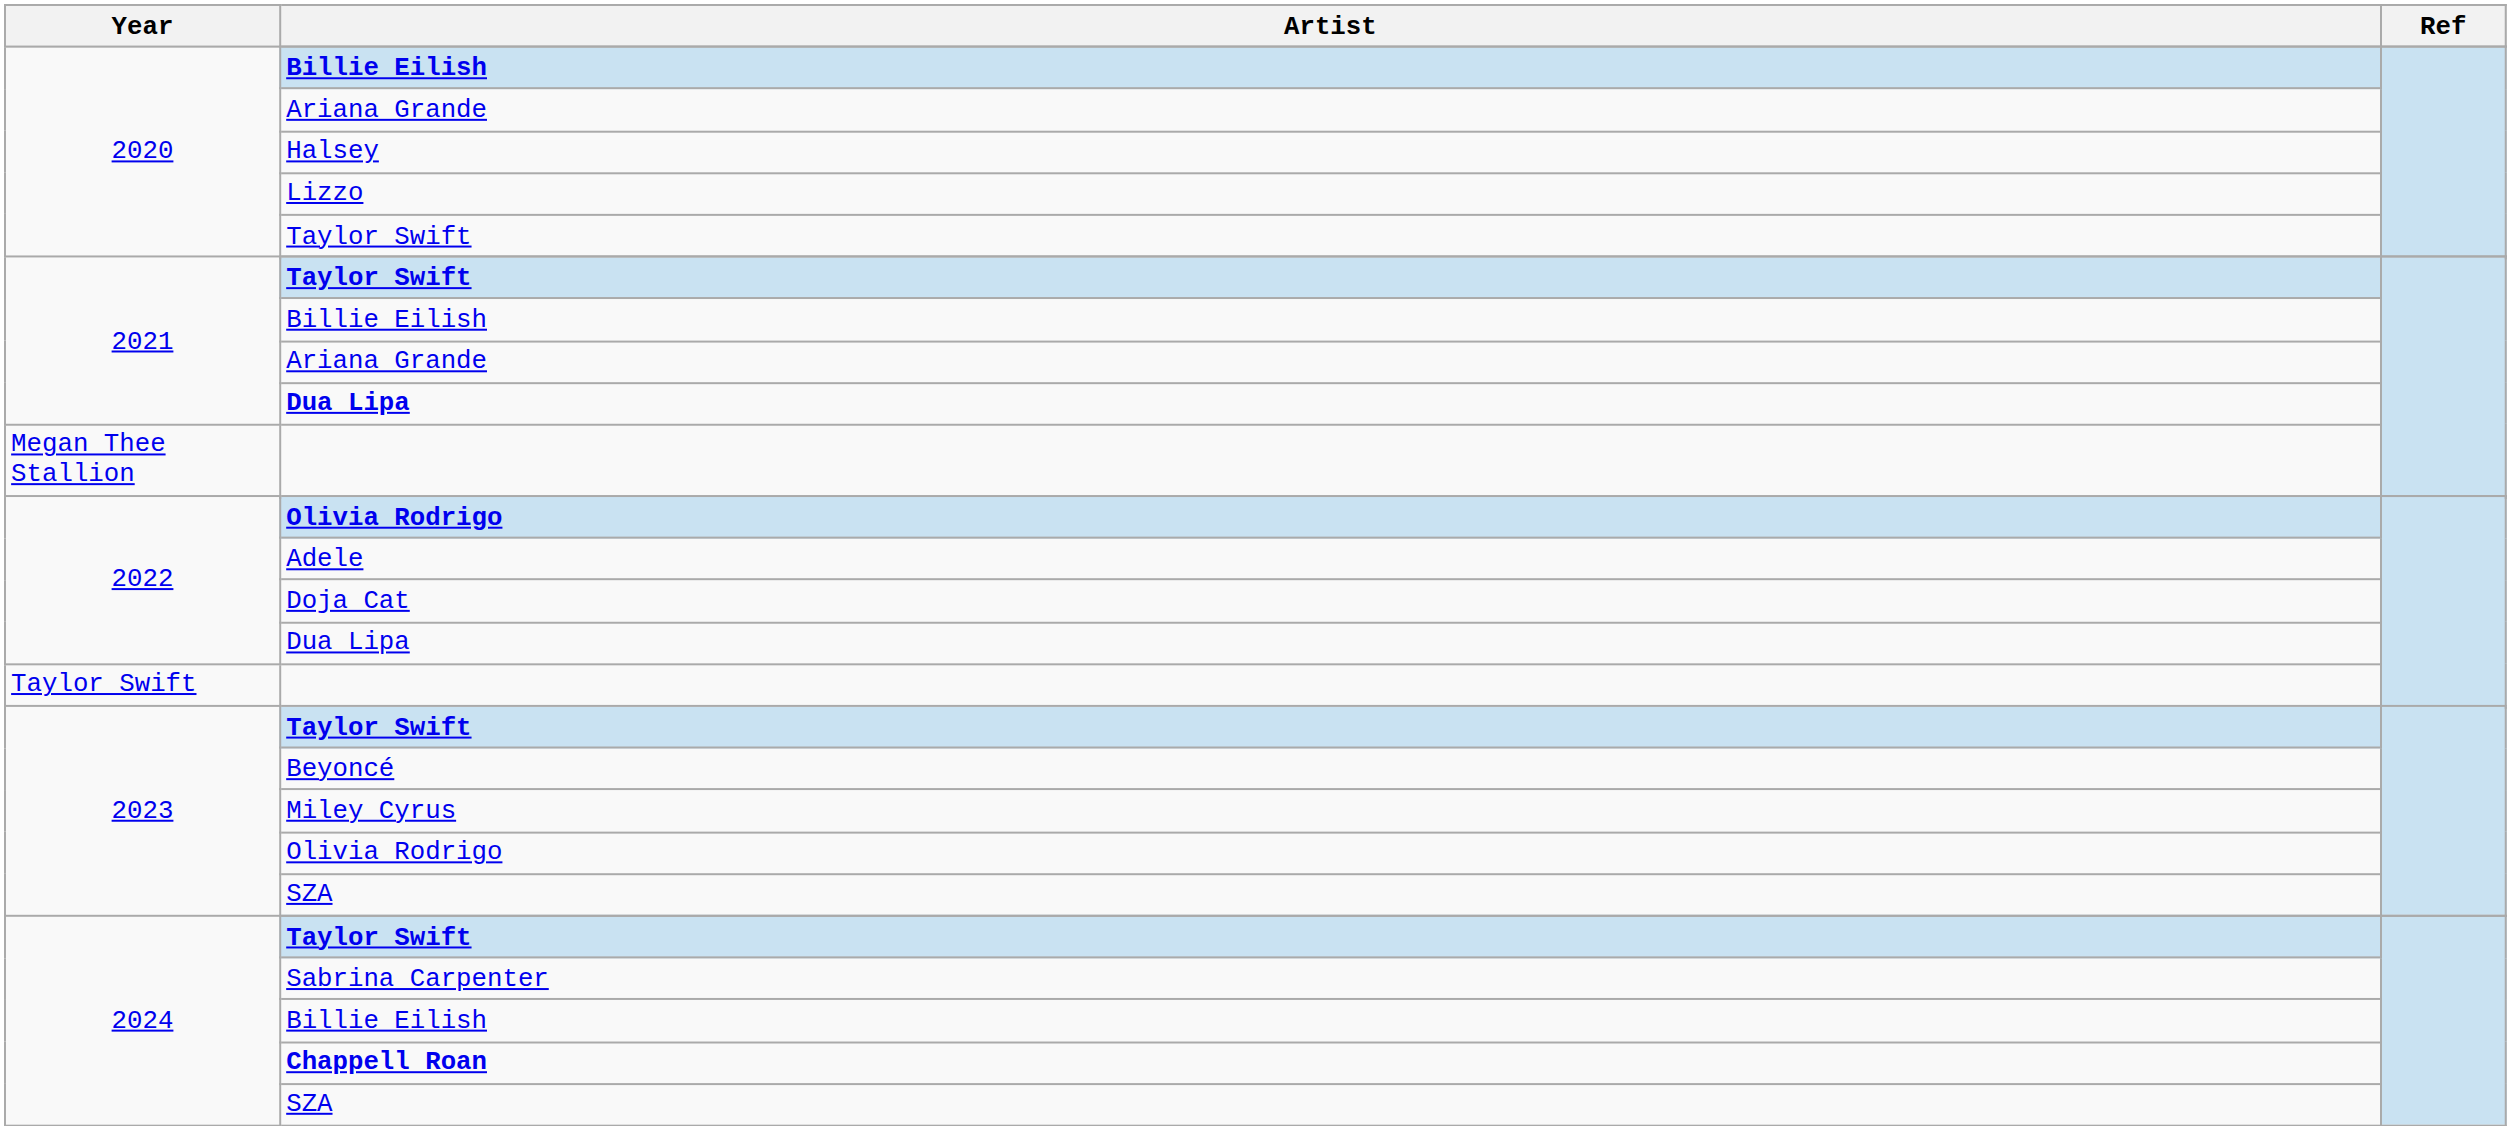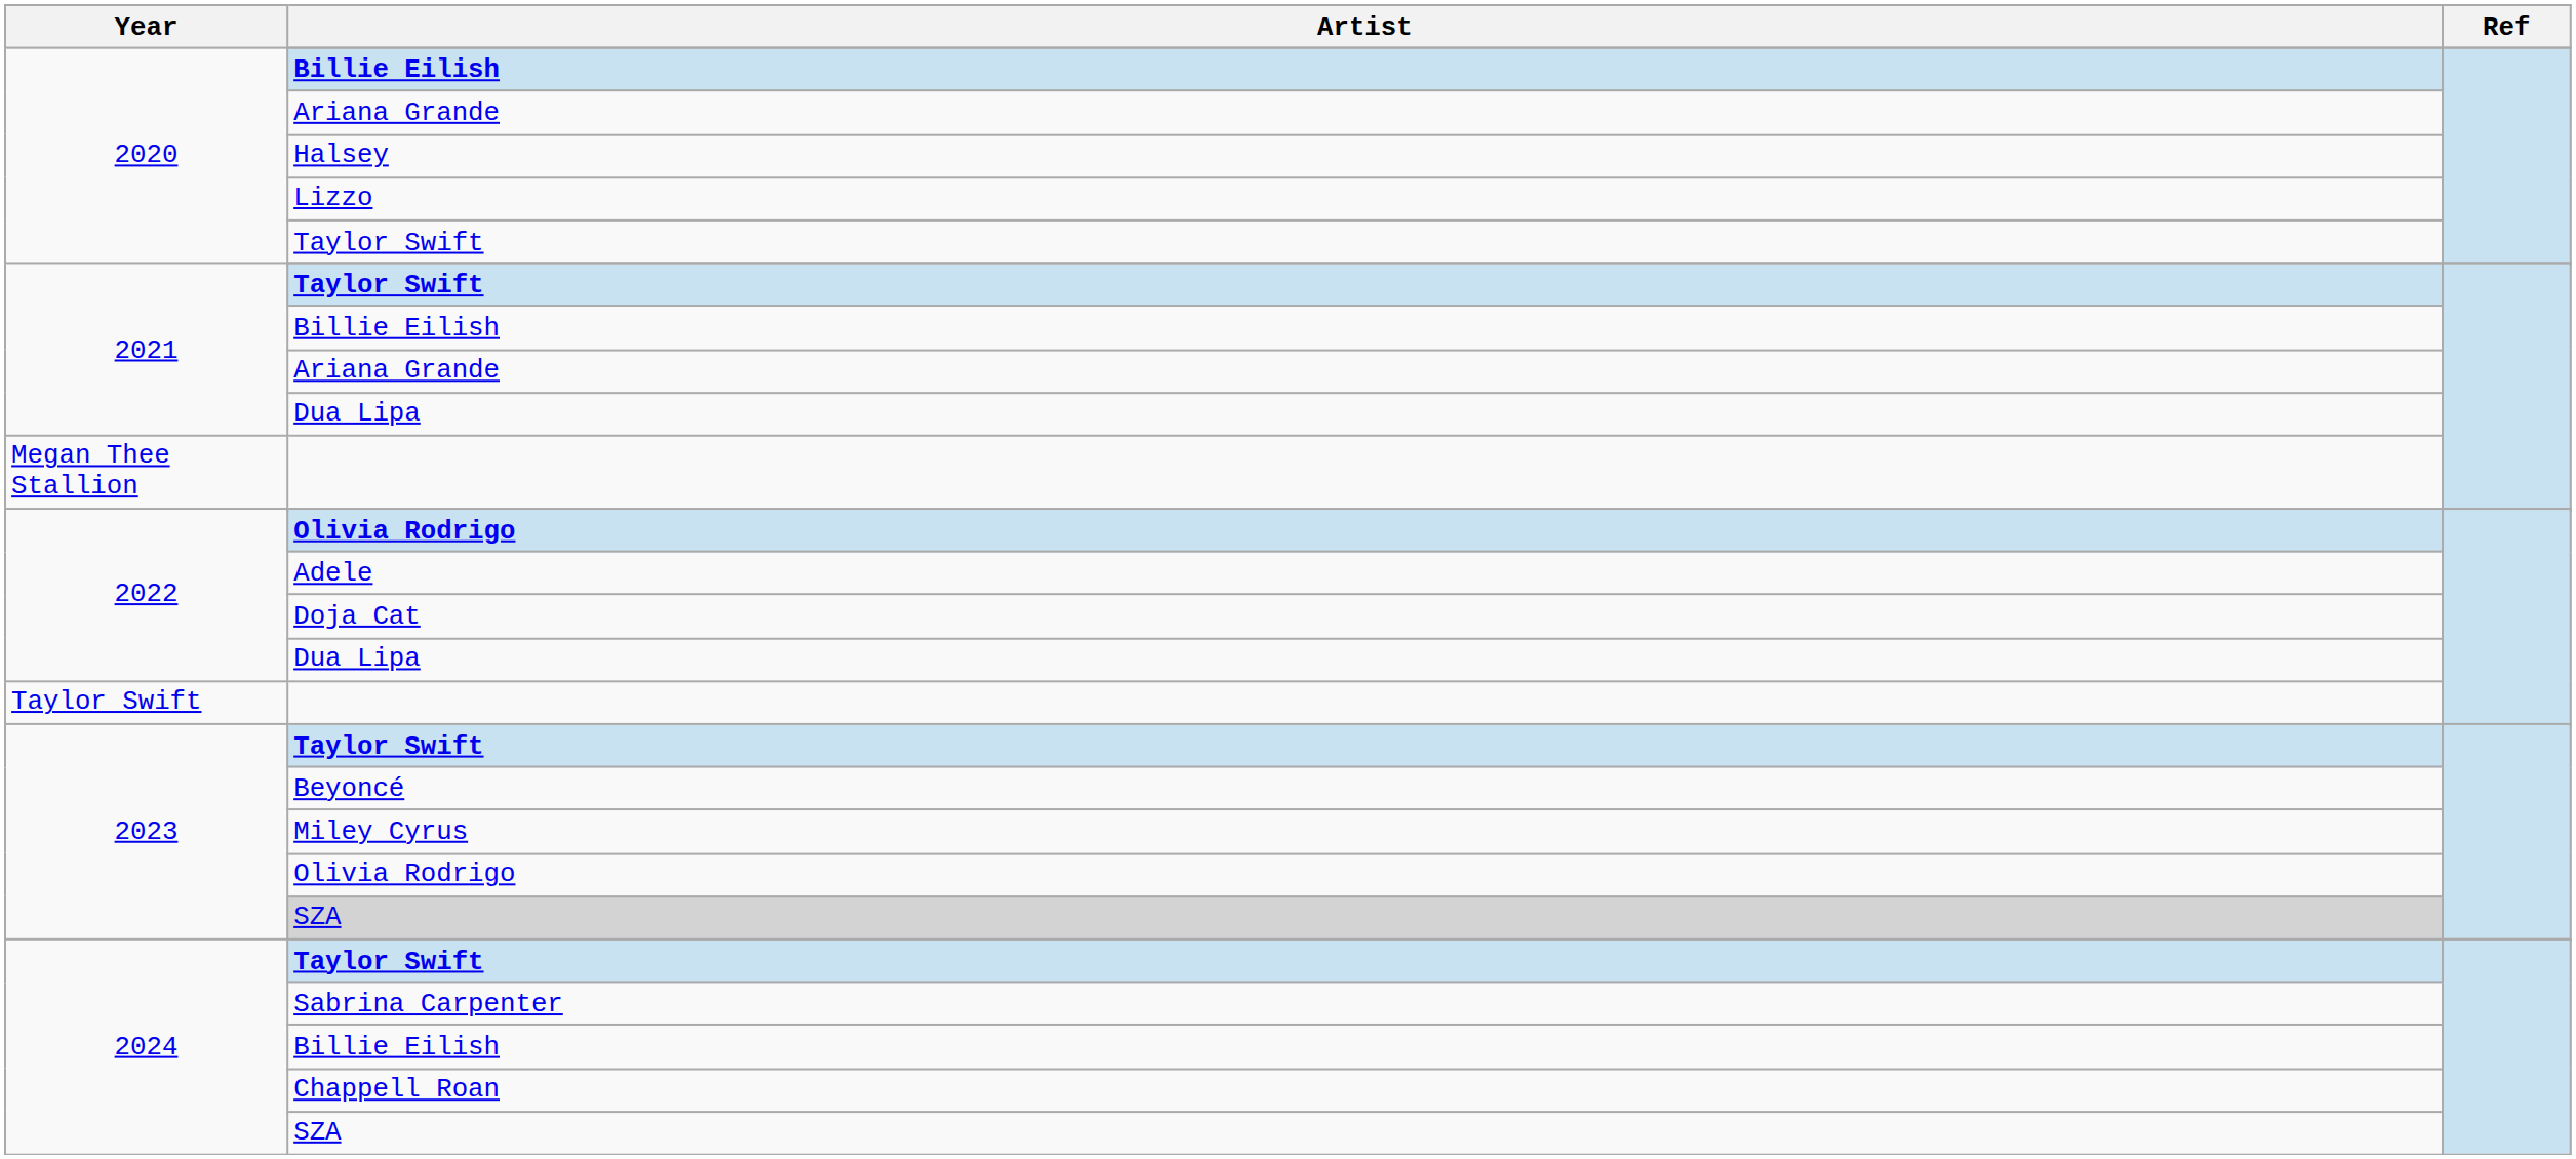 <table class="wikitable" style="width:100%;">
 <tr style="background:#bebebe;">
 <th style="width:11%;">Year</th>
 <th style="width:84%;">Artist</th>
 <th style="width:5%;">Ref</th>
 </tr>
 <tr>
 <td rowspan="6" align="center"><a href='#'>2020</a></td>
 </tr>
 <tr style="background:#c9e2f2">
 <td><strong><a href='#'>Billie Eilish</a></strong></td>
 <td rowspan="6" align="center"></td>
 </tr>
 <tr>
 <td><a href='#'>Ariana Grande</a></td>
 </tr>
 <tr>
 <td><a href='#'>Halsey</a></td>
 </tr>
 <tr>
 <td><a href='#'>Lizzo</a></td>
 </tr>
 <tr>
 <td><a href='#'>Taylor Swift</a></td>
 </tr>
 <tr>
 <td rowspan="6" align="center"><a href='#'>2021</a></td>
 </tr>
 <tr>
 </tr>
 <tr style="background:#c9e2f2">
 <td><strong><a href='#'>Taylor Swift</a></strong></td>
 <td rowspan="6" align="center"></td>
 </tr>
 <tr>
 <td><a href='#'>Billie Eilish</a></td>
 </tr>
 <tr>
 <td><a href='#'>Ariana Grande</a></td>
 </tr>
 <tr>
-<td><strong><a href='#'>Dua Lipa</a></strong></td>
+<td><a href='#'>Dua Lipa</a></td>
 </tr>
 <tr>
 <td><a href='#'>Megan Thee Stallion</a></td>
 </tr>
 <tr>
 <td rowspan="6" align="center"><a href='#'>2022</a></td>
 </tr>
 <tr>
 </tr>
 <tr style="background:#c9e2f2">
 <td><strong><a href='#'>Olivia Rodrigo</a></strong></td>
 <td rowspan="6" align="center"></td>
 </tr>
 <tr>
 <td><a href='#'>Adele</a></td>
 </tr>
 <tr>
 <td><a href='#'>Doja Cat</a></td>
 </tr>
 <tr>
 <td><a href='#'>Dua Lipa</a></td>
 </tr>
 <tr>
 <td><a href='#'>Taylor Swift</a></td>
 </tr>
 <tr>
 <td rowspan="6" align="center"><a href='#'>2023</a></td>
 </tr>
 <tr style="background:#c9e2f2">
 <td><strong><a href='#'>Taylor Swift</a></strong></td>
 <td rowspan="5" align="center"></td>
 </tr>
 <tr>
 <td><a href='#'>Beyoncé</a></td>
 </tr>
 <tr>
 <td><a href='#'>Miley Cyrus</a></td>
 </tr>
 <tr>
 <td><a href='#'>Olivia Rodrigo</a></td>
 </tr>
 <tr>
-<td><a href='#'>SZA</a></td>
+<td style="background: lightgrey;"><a href='#'>SZA</a></td>
 </tr>
 <tr>
 <td rowspan="6" align="center"><a href='#'>2024</a></td>
 </tr>
 <tr style="background:#c9e2f2">
 <td><strong><a href='#'>Taylor Swift</a></strong></td>
 <td rowspan="5" align="center"></td>
 </tr>
 <tr>
 <td><a href='#'>Sabrina Carpenter</a></td>
 </tr>
 <tr>
 <td><a href='#'>Billie Eilish</a></td>
 </tr>
 <tr>
-<td><strong><a href='#'>Chappell Roan</a></strong></td>
+<td><a href='#'>Chappell Roan</a></td>
 </tr>
 <tr>
 <td><a href='#'>SZA</a></td>
 </tr>
 </table>
